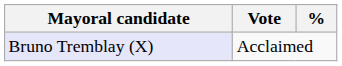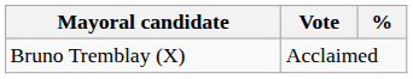 <table class="wikitable">
 <tr>
 <th bgcolor="#DDDDFF" width="200px">Mayoral candidate</th>
 <th bgcolor="#DDDDFF" width="50px">Vote</th>
 <th bgcolor="#DDDDFF"  width="30px">%</th>
 </tr>
 <tr>
-<td style="background: lavender;">Bruno Tremblay (X)</td>
+<td>Bruno Tremblay (X)</td>
 <td colspan="2">Acclaimed</td>
 </tr>
 </table>
